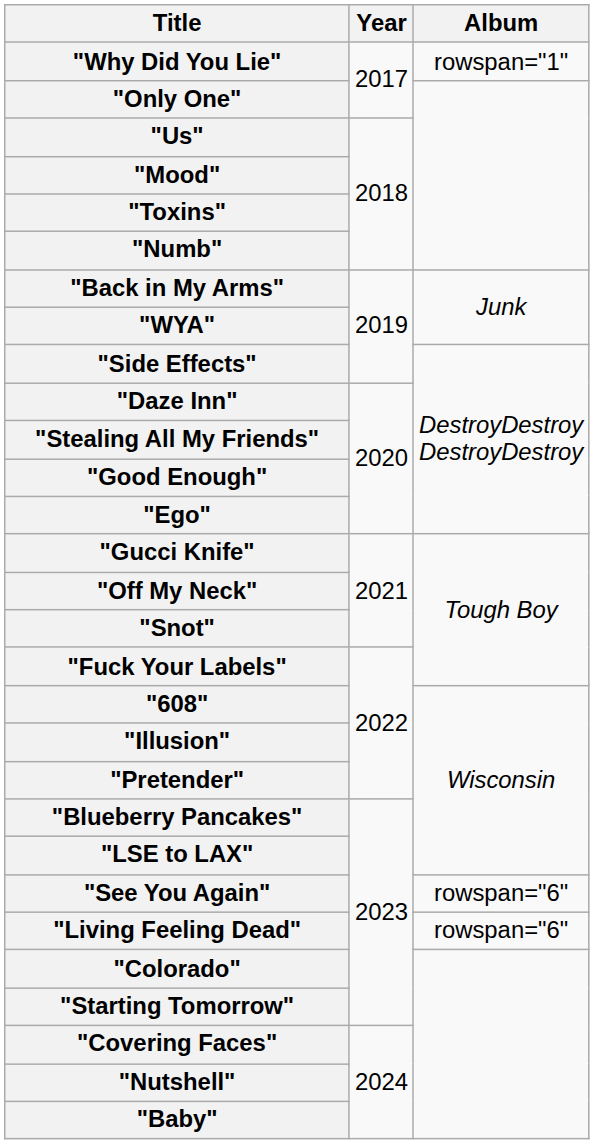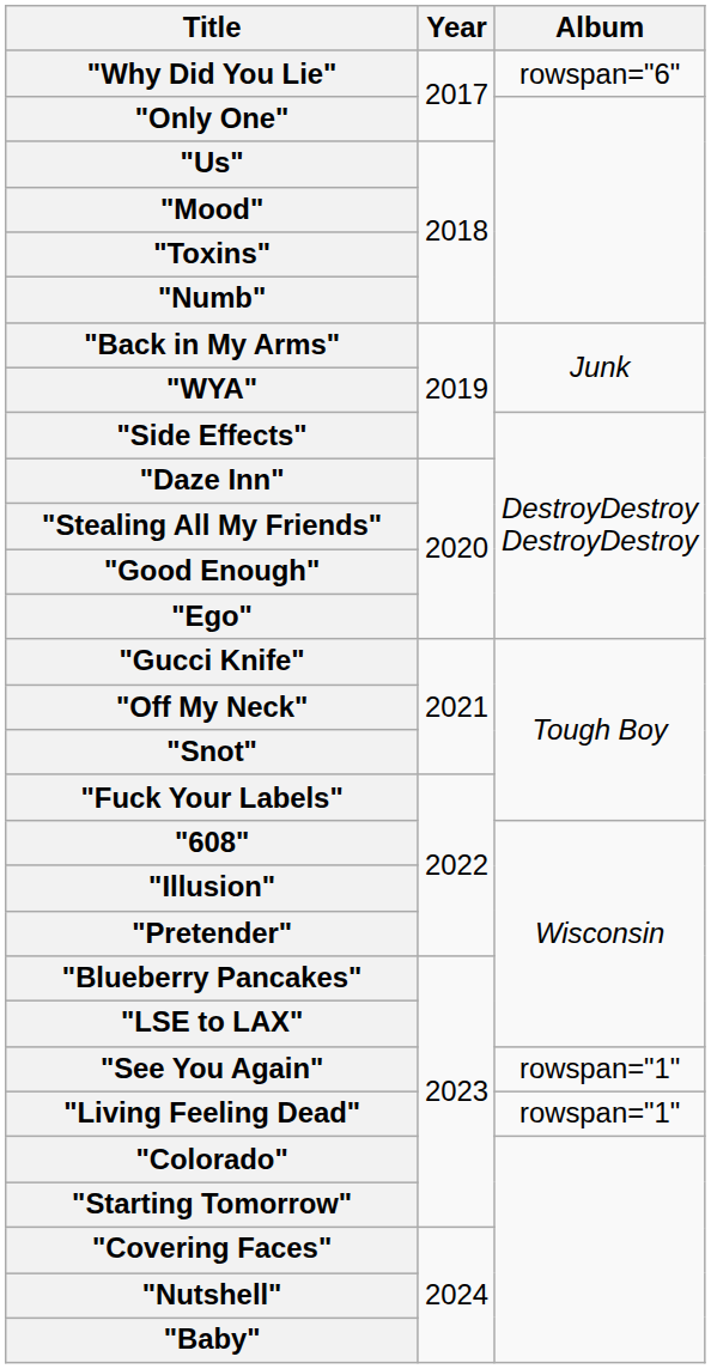 <table class="wikitable plainrowheaders" style="text-align:center;" border="1">
 <tr>
 <th scope="col" style="width:14em;">Title</th>
 <th scope="col" style="width:1em;">Year</th>
 <th scope="col">Album</th>
 </tr>
 <tr>
 <th scope="row">"Why Did You Lie"</th>
 <td rowspan="2">2017</td>
-<td>rowspan="1" </td>
+<td>rowspan="6" </td>
 </tr>
 <tr>
 <th scope="row">"Only One"</th>
 </tr>
 <tr>
 <th scope="row">"Us"</th>
 <td rowspan="4">2018</td>
 </tr>
 <tr>
 <th scope="row">"Mood"</th>
 </tr>
 <tr>
 <th scope="row">"Toxins"</th>
 </tr>
 <tr>
 <th scope="row">"Numb"</th>
 </tr>
 <tr>
 <th scope="row">"Back in My Arms"</th>
 <td rowspan="3">2019</td>
 <td rowspan="2"><em>Junk</em></td>
 </tr>
 <tr>
 <th scope="row">"WYA"</th>
 </tr>
 <tr>
 <th scope="row">"Side Effects"</th>
 <td rowspan="5"><em>DestroyDestroy<br>DestroyDestroy</em></td>
 </tr>
 <tr>
 <th scope="row">"Daze Inn"</th>
 <td rowspan="4">2020</td>
 </tr>
 <tr>
 <th scope="row">"Stealing All My Friends"</th>
 </tr>
 <tr>
 <th scope="row">"Good Enough"</th>
 </tr>
 <tr>
 <th scope="row">"Ego"<br></th>
 </tr>
 <tr>
 <th scope="row">"Gucci Knife"<br></th>
 <td rowspan="3">2021</td>
 <td rowspan="4"><em>Tough Boy</em></td>
 </tr>
 <tr>
 <th scope="row">"Off My Neck"</th>
 </tr>
 <tr>
 <th scope="row">"Snot"<br></th>
 </tr>
 <tr>
 <th scope="row">"Fuck Your Labels"</th>
 <td rowspan="4">2022</td>
 </tr>
 <tr>
 <th scope="row">"608"</th>
 <td rowspan="5"><em>Wisconsin</em></td>
 </tr>
 <tr>
 <th scope="row">"Illusion"</th>
 </tr>
 <tr>
 <th scope="row">"Pretender"</th>
 </tr>
 <tr>
 <th scope="row">"Blueberry Pancakes"</th>
 <td rowspan="6">2023</td>
 </tr>
 <tr>
 <th scope="row">"LSE to LAX"</th>
 </tr>
 <tr>
 <th scope="row">"See You Again"<br></th>
-<td>rowspan="6" </td>
+<td>rowspan="1" </td>
 </tr>
 <tr>
 <th scope="row">"Living Feeling Dead"</th>
-<td>rowspan="6" </td>
+<td>rowspan="1" </td>
 </tr>
 <tr>
 <th scope="row">"Colorado"<br></th>
 </tr>
 <tr>
 <th scope="row">"Starting Tomorrow"</th>
 </tr>
 <tr>
 <th scope="row">"Covering Faces"</th>
 <td rowspan="3">2024</td>
 </tr>
 <tr>
 <th scope="row">"Nutshell"</th>
 </tr>
 <tr>
 <th scope="row">"Baby"</th>
 </tr>
 </table>
